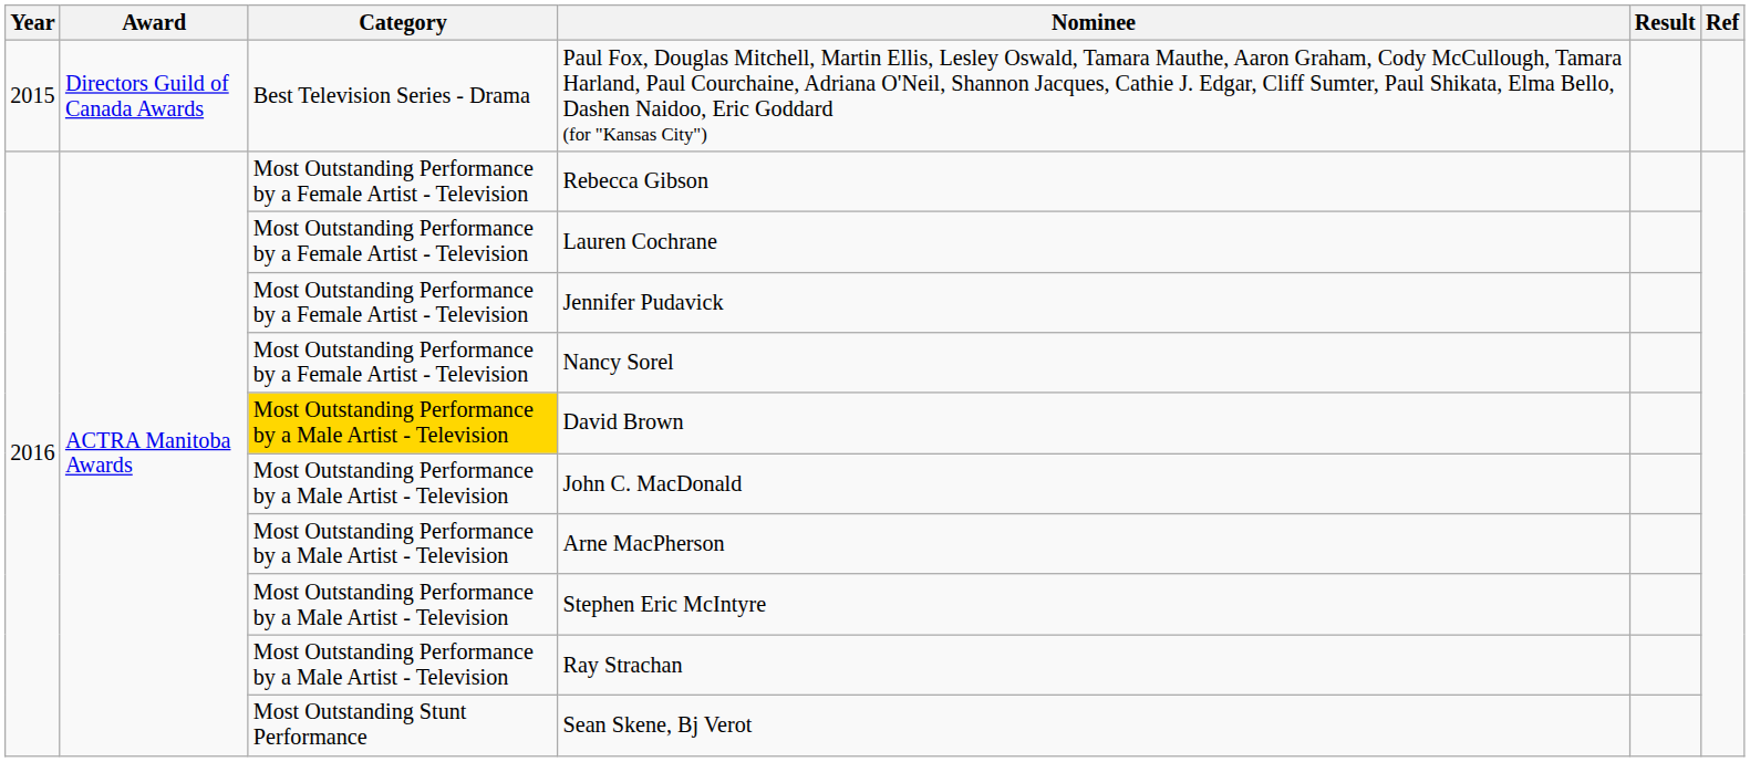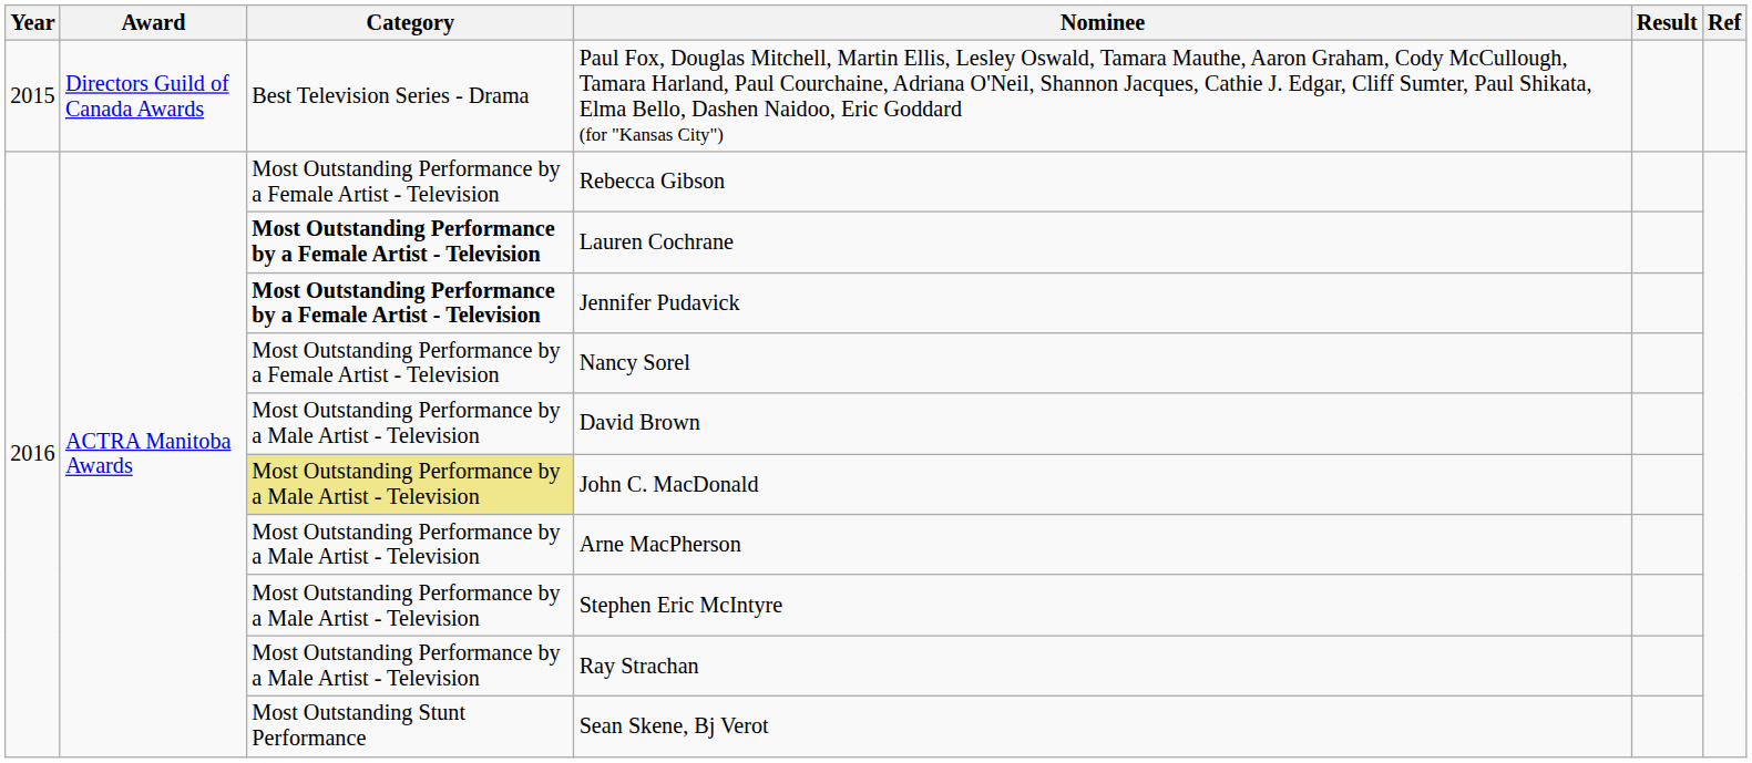 <table class="wikitable">
 <tr>
 <th>Year</th>
 <th>Award</th>
 <th>Category</th>
 <th>Nominee</th>
 <th>Result</th>
 <th>Ref</th>
 </tr>
 <tr>
 <td>2015</td>
 <td><a href='#'>Directors Guild of Canada Awards</a></td>
 <td>Best Television Series - Drama</td>
 <td>Paul Fox, Douglas Mitchell, Martin Ellis, Lesley Oswald, Tamara Mauthe, Aaron Graham, Cody McCullough, Tamara Harland, Paul Courchaine, Adriana O'Neil, Shannon Jacques, Cathie J. Edgar, Cliff Sumter, Paul Shikata, Elma Bello, Dashen Naidoo, Eric Goddard<br><small>(for "Kansas City")</small></td>
 <td></td>
 <td></td>
 </tr>
 <tr>
 <td rowspan=10>2016</td>
 <td rowspan=10><a href='#'>ACTRA Manitoba Awards</a></td>
 <td>Most Outstanding Performance by a Female Artist - Television</td>
 <td>Rebecca Gibson</td>
 <td></td>
 <td rowspan=10></td>
 </tr>
 <tr>
-<td>Most Outstanding Performance by a Female Artist - Television</td>
+<td><strong>Most Outstanding Performance by a Female Artist - Television</strong></td>
 <td>Lauren Cochrane</td>
 <td></td>
 </tr>
 <tr>
-<td>Most Outstanding Performance by a Female Artist - Television</td>
+<td><strong>Most Outstanding Performance by a Female Artist - Television</strong></td>
 <td>Jennifer Pudavick</td>
 <td></td>
 </tr>
 <tr>
 <td>Most Outstanding Performance by a Female Artist - Television</td>
 <td>Nancy Sorel</td>
 <td></td>
 </tr>
 <tr>
-<td style="background: gold;">Most Outstanding Performance by a Male Artist - Television</td>
+<td>Most Outstanding Performance by a Male Artist - Television</td>
 <td>David Brown</td>
 <td></td>
 </tr>
 <tr>
-<td>Most Outstanding Performance by a Male Artist - Television</td>
+<td style="background: khaki;">Most Outstanding Performance by a Male Artist - Television</td>
 <td>John C. MacDonald</td>
 <td></td>
 </tr>
 <tr>
 <td>Most Outstanding Performance by a Male Artist - Television</td>
 <td>Arne MacPherson</td>
 <td></td>
 </tr>
 <tr>
 <td>Most Outstanding Performance by a Male Artist - Television</td>
 <td>Stephen Eric McIntyre</td>
 <td></td>
 </tr>
 <tr>
 <td>Most Outstanding Performance by a Male Artist - Television</td>
 <td>Ray Strachan</td>
 <td></td>
 </tr>
 <tr>
 <td>Most Outstanding Stunt Performance</td>
 <td>Sean Skene, Bj Verot</td>
 <td></td>
 </tr>
 </table>
